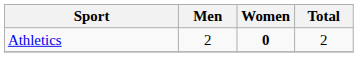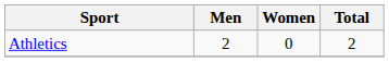 <table class="wikitable sortable" style="text-align:center;">
 <tr>
 <th width=180>Sport</th>
 <th width=55>Men</th>
 <th width=55>Women</th>
 <th width=55>Total</th>
 </tr>
 <tr>
 <td align=left><a href='#'>Athletics</a></td>
 <td>2</td>
-<td><strong>0</strong></td>
+<td>0</td>
 <td>2</td>
 </tr>
 <tr>
 </tr>
 </table>
